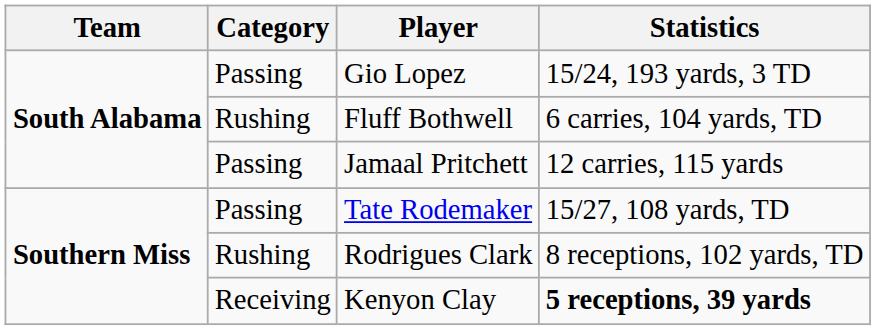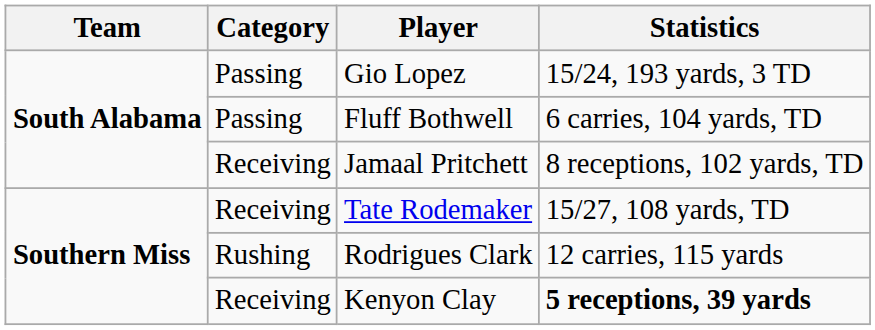 <table class="wikitable" style="float: right;">
 <tr>
 <th>Team</th>
 <th>Category</th>
 <th>Player</th>
 <th>Statistics</th>
 </tr>
 <tr>
 <td rowspan=3><strong>South Alabama</strong></td>
 <td>Passing</td>
 <td>Gio Lopez</td>
 <td>15/24, 193 yards, 3 TD</td>
 </tr>
 <tr>
-<td>Rushing</td>
+<td>Passing</td>
 <td>Fluff Bothwell</td>
 <td>6 carries, 104 yards, TD</td>
 </tr>
 <tr>
-<td>Passing</td>
+<td>Receiving</td>
 <td>Jamaal Pritchett</td>
-<td>12 carries, 115 yards</td>
+<td>8 receptions, 102 yards, TD</td>
 </tr>
 <tr>
 <td rowspan=3><strong>Southern Miss</strong></td>
-<td>Passing</td>
+<td>Receiving</td>
 <td><a href='#'>Tate Rodemaker</a></td>
 <td>15/27, 108 yards, TD</td>
 </tr>
 <tr>
 <td>Rushing</td>
 <td>Rodrigues Clark</td>
-<td>8 receptions, 102 yards, TD</td>
+<td>12 carries, 115 yards</td>
 </tr>
 <tr>
 <td>Receiving</td>
 <td>Kenyon Clay</td>
 <td><strong>5 receptions, 39 yards</strong></td>
 </tr>
 </table>
